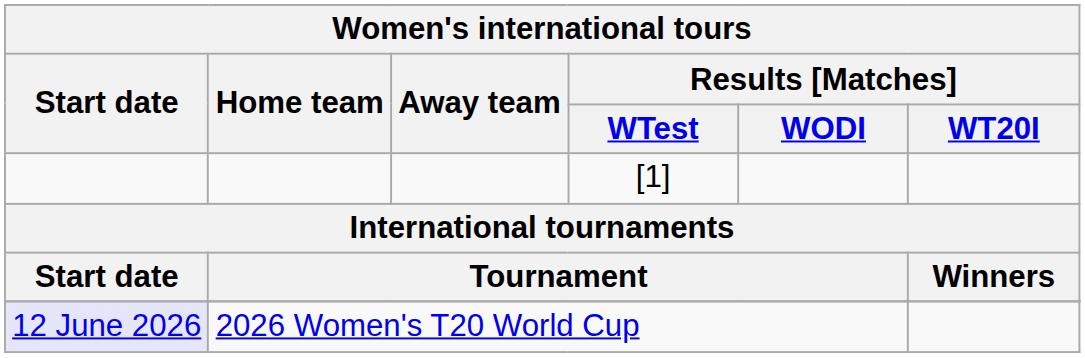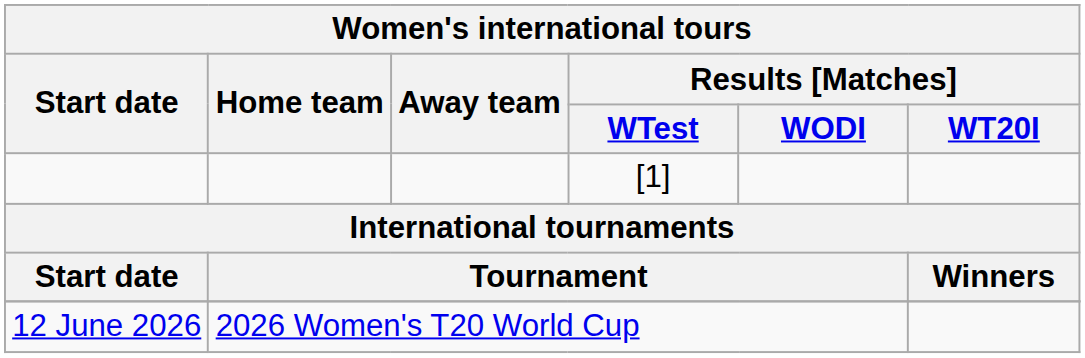 <table class="wikitable" style="text-align:center; white-space:nowrap">
 <tr>
 <th colspan="6">Women's international tours</th>
 </tr>
 <tr>
 <th rowspan="2">Start date</th>
 <th rowspan="2">Home team</th>
 <th rowspan="2">Away team</th>
 <th colspan="3">Results [Matches]</th>
 </tr>
 <tr>
 <th width=80><a href='#'>WTest</a></th>
 <th width=80><a href='#'>WODI</a></th>
 <th width=80><a href='#'>WT20I</a></th>
 </tr>
 <tr>
 <td style="text-align:left"><a href='#'></a></td>
 <td style="text-align:left"></td>
 <td style="text-align:left"></td>
 <td>[1]</td>
 <td></td>
 <td></td>
 </tr>
 <tr>
 <th scope=colgroup colspan=6>International tournaments</th>
 </tr>
 <tr>
 <th scope=col>Start date</th>
 <th scope=colgroup colspan=4>Tournament</th>
 <th scope=col>Winners</th>
 </tr>
 <tr>
 </tr>
 <tr style="text-align:left">
-<td style="background: lavender;"><a href='#'>12 June 2026</a></td>
+<td><a href='#'>12 June 2026</a></td>
 <td colspan="4"> <a href='#'>2026 Women's T20 World Cup</a></td>
 <td></td>
 </tr>
 </table>
